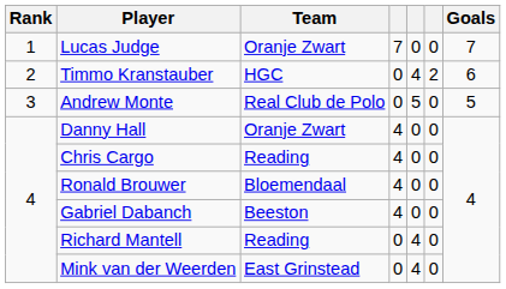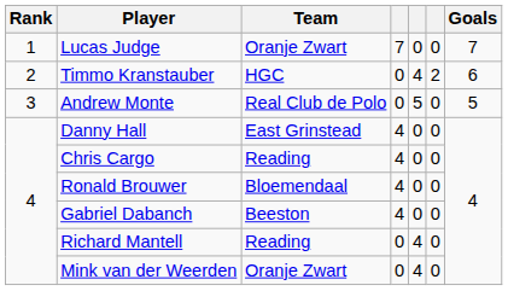 <table class="wikitable" style="text-align:center">
 <tr>
 <th>Rank</th>
 <th>Player</th>
 <th>Team</th>
 <th></th>
 <th></th>
 <th></th>
 <th>Goals</th>
 </tr>
 <tr>
 <td>1</td>
 <td align=left> <a href='#'>Lucas Judge</a></td>
 <td align=left> <a href='#'>Oranje Zwart</a></td>
 <td>7</td>
 <td>0</td>
 <td>0</td>
 <td>7</td>
 </tr>
 <tr>
 <td>2</td>
 <td align=left> <a href='#'>Timmo Kranstauber</a></td>
 <td align=left> <a href='#'>HGC</a></td>
 <td>0</td>
 <td>4</td>
 <td>2</td>
 <td>6</td>
 </tr>
 <tr>
 <td>3</td>
 <td align=left> <a href='#'>Andrew Monte</a></td>
 <td align=left> <a href='#'>Real Club de Polo</a></td>
 <td>0</td>
 <td>5</td>
 <td>0</td>
 <td>5</td>
 </tr>
 <tr>
 <td rowspan=6>4</td>
 <td align=left> <a href='#'>Danny Hall</a></td>
-<td align=left> <a href='#'>Oranje Zwart</a></td>
+<td align=left> <a href='#'>East Grinstead</a></td>
 <td>4</td>
 <td>0</td>
 <td>0</td>
 <td rowspan=6>4</td>
 </tr>
 <tr>
 <td align=left> <a href='#'>Chris Cargo</a></td>
 <td align=left> <a href='#'>Reading</a></td>
 <td>4</td>
 <td>0</td>
 <td>0</td>
 </tr>
 <tr>
 <td align=left> <a href='#'>Ronald Brouwer</a></td>
 <td align=left> <a href='#'>Bloemendaal</a></td>
 <td>4</td>
 <td>0</td>
 <td>0</td>
 </tr>
 <tr>
 <td align=left> <a href='#'>Gabriel Dabanch</a></td>
 <td align=left> <a href='#'>Beeston</a></td>
 <td>4</td>
 <td>0</td>
 <td>0</td>
 </tr>
 <tr>
 <td align=left> <a href='#'>Richard Mantell</a></td>
 <td align=left> <a href='#'>Reading</a></td>
 <td>0</td>
 <td>4</td>
 <td>0</td>
 </tr>
 <tr>
 <td align=left> <a href='#'>Mink van der Weerden</a></td>
-<td align=left> <a href='#'>East Grinstead</a></td>
+<td align=left> <a href='#'>Oranje Zwart</a></td>
 <td>0</td>
 <td>4</td>
 <td>0</td>
 </tr>
 </table>
